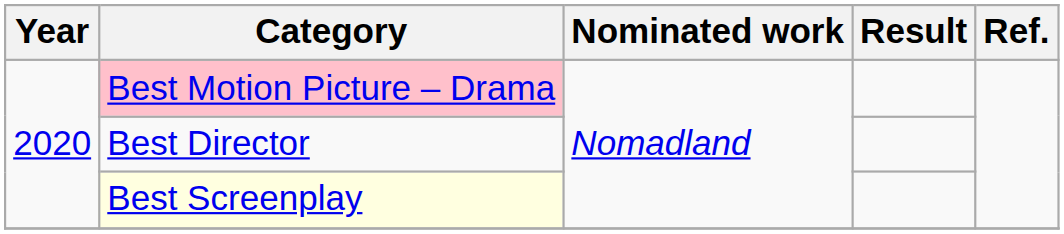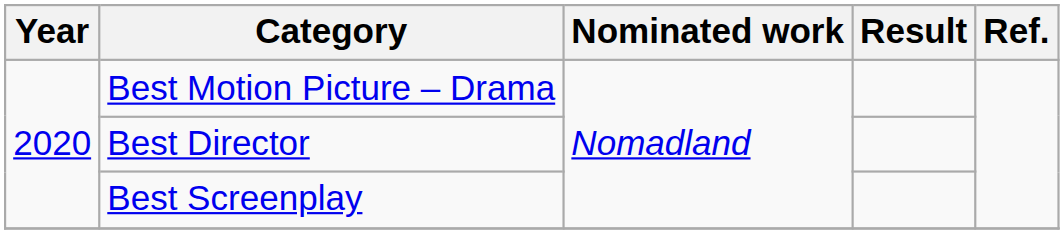 <table class="wikitable">
 <tr>
 <th>Year</th>
 <th>Category</th>
 <th>Nominated work</th>
 <th>Result</th>
 <th>Ref.</th>
 </tr>
 <tr>
 <td rowspan="3"><a href='#'>2020</a></td>
-<td style="background: pink;"><a href='#'>Best Motion Picture – Drama</a></td>
+<td><a href='#'>Best Motion Picture – Drama</a></td>
 <td rowspan=3><em><a href='#'>Nomadland</a></em></td>
 <td></td>
 <td rowspan=3></td>
 </tr>
 <tr>
 <td><a href='#'>Best Director</a></td>
 <td></td>
 </tr>
 <tr>
-<td style="background: lightyellow;"><a href='#'>Best Screenplay</a></td>
+<td><a href='#'>Best Screenplay</a></td>
 <td></td>
 </tr>
 <tr>
 </tr>
 </table>
